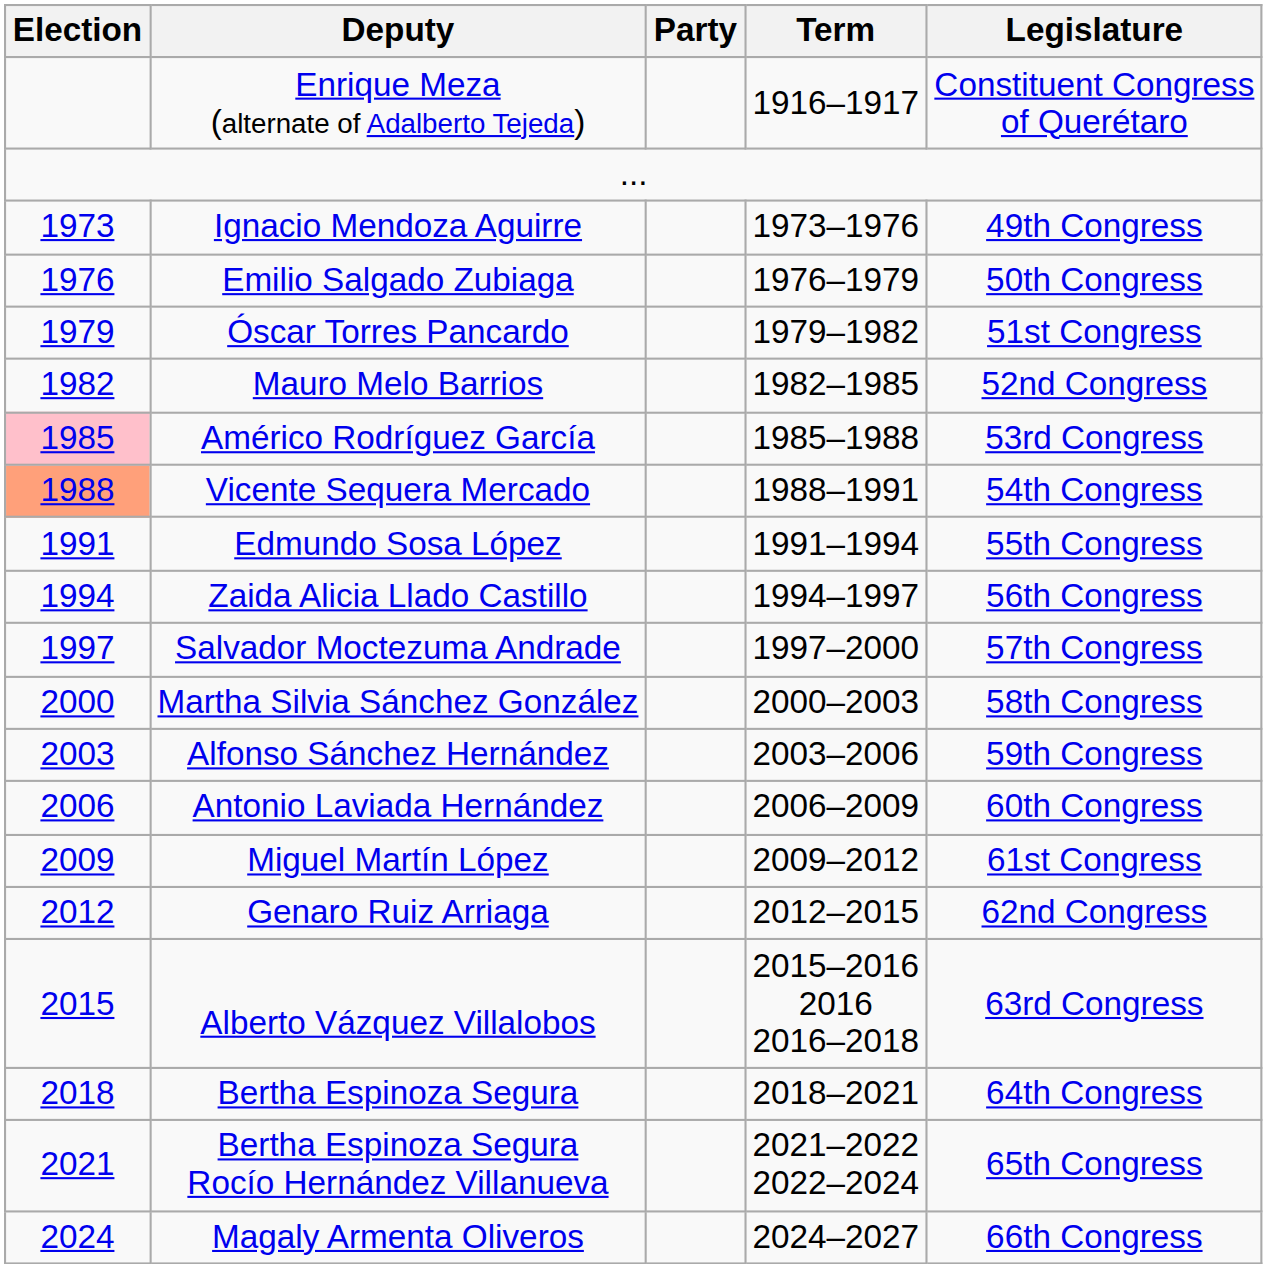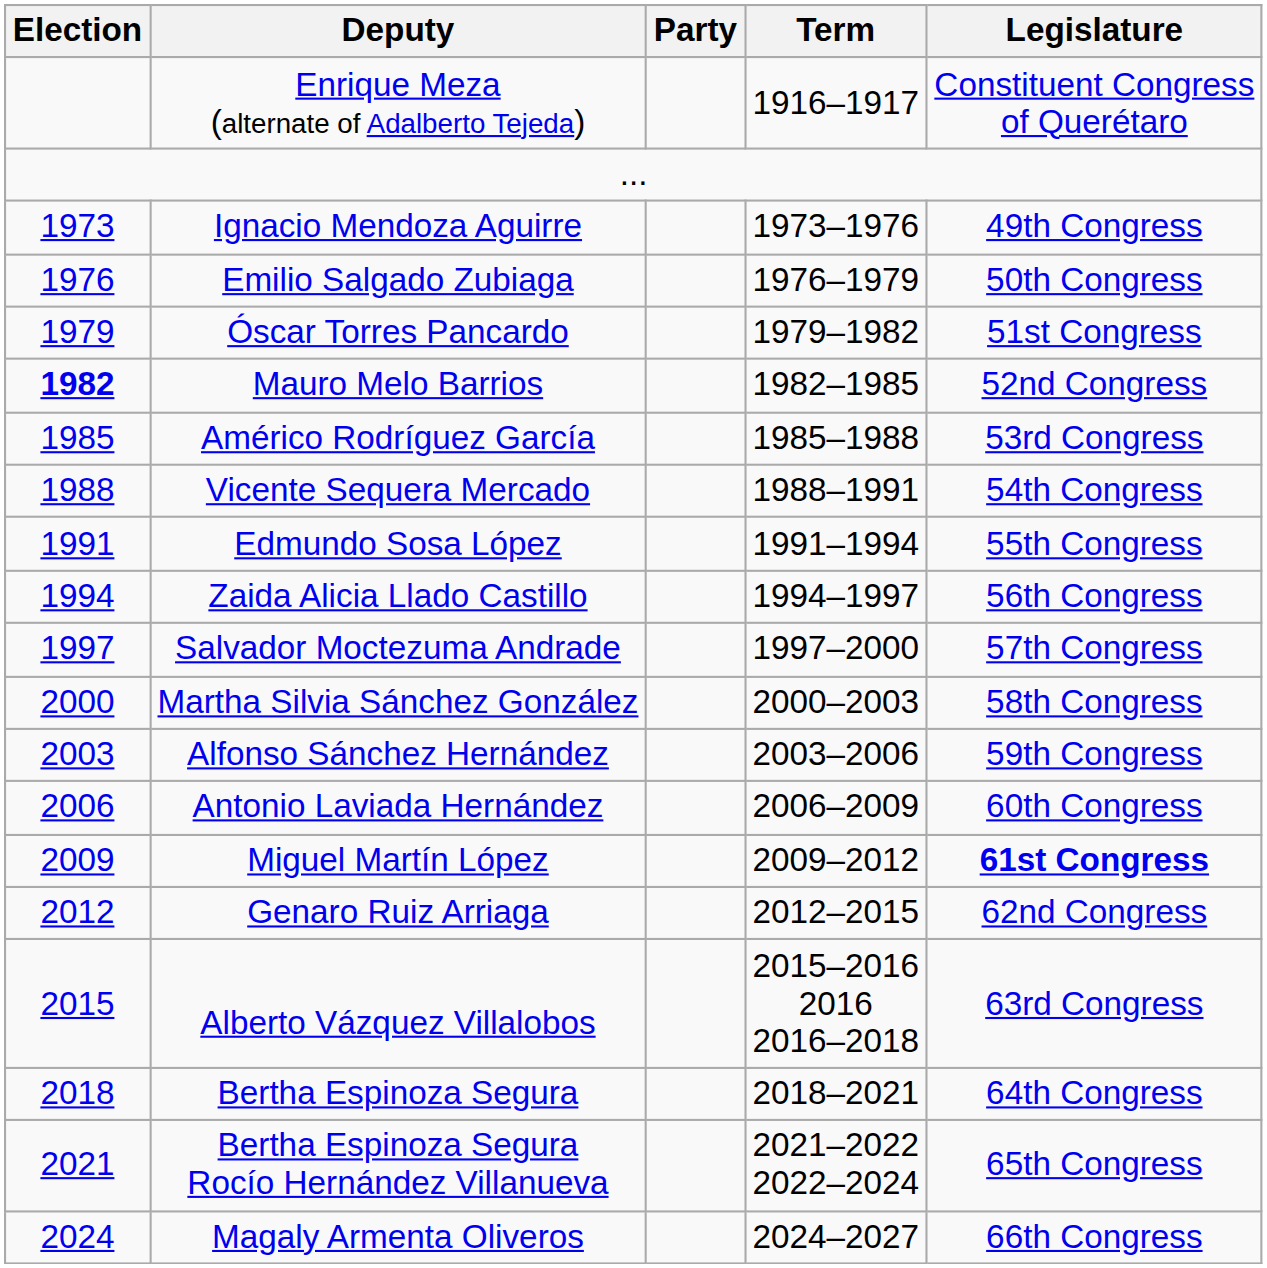 <table class="wikitable sortable" style="text-align: center">
 <tr>
 <th>Election</th>
 <th class="unsortable">Deputy</th>
 <th class="unsortable">Party</th>
 <th class="unsortable">Term</th>
 <th class="unsortable">Legislature</th>
 </tr>
 <tr>
 <td></td>
 <td><a href='#'>Enrique Meza</a><br>(<small>alternate of <a href='#'>Adalberto Tejeda</a></small>)</td>
 <td></td>
 <td>1916–1917</td>
 <td><a href='#'>Constituent Congress<br>of Querétaro</a></td>
 </tr>
 <tr>
 <td colspan=5> ...</td>
 </tr>
 <tr>
 <td><a href='#'>1973</a></td>
 <td><a href='#'>Ignacio Mendoza Aguirre</a></td>
 <td></td>
 <td>1973–1976</td>
 <td><a href='#'>49th Congress</a></td>
 </tr>
 <tr>
 <td><a href='#'>1976</a></td>
 <td><a href='#'>Emilio Salgado Zubiaga</a></td>
 <td></td>
 <td>1976–1979</td>
 <td><a href='#'>50th Congress</a></td>
 </tr>
 <tr>
 <td><a href='#'>1979</a></td>
 <td><a href='#'>Óscar Torres Pancardo</a></td>
 <td></td>
 <td>1979–1982</td>
 <td><a href='#'>51st Congress</a></td>
 </tr>
 <tr>
-<td><a href='#'>1982</a></td>
+<td><strong><a href='#'>1982</a></strong></td>
 <td><a href='#'>Mauro Melo Barrios</a></td>
 <td></td>
 <td>1982–1985</td>
 <td><a href='#'>52nd Congress</a></td>
 </tr>
 <tr>
-<td style="background: pink;"><a href='#'>1985</a></td>
+<td><a href='#'>1985</a></td>
 <td><a href='#'>Américo Rodríguez García</a></td>
 <td></td>
 <td>1985–1988</td>
 <td><a href='#'>53rd Congress</a></td>
 </tr>
 <tr>
-<td style="background: lightsalmon;"><a href='#'>1988</a></td>
+<td><a href='#'>1988</a></td>
 <td><a href='#'>Vicente Sequera Mercado</a></td>
 <td></td>
 <td>1988–1991</td>
 <td><a href='#'>54th Congress</a></td>
 </tr>
 <tr>
 <td><a href='#'>1991</a></td>
 <td><a href='#'>Edmundo Sosa López</a></td>
 <td></td>
 <td>1991–1994</td>
 <td><a href='#'>55th Congress</a></td>
 </tr>
 <tr>
 <td><a href='#'>1994</a></td>
 <td><a href='#'>Zaida Alicia Llado Castillo</a></td>
 <td></td>
 <td>1994–1997</td>
 <td><a href='#'>56th Congress</a></td>
 </tr>
 <tr>
 <td><a href='#'>1997</a></td>
 <td><a href='#'>Salvador Moctezuma Andrade</a></td>
 <td></td>
 <td>1997–2000</td>
 <td><a href='#'>57th Congress</a></td>
 </tr>
 <tr>
 <td><a href='#'>2000</a></td>
 <td><a href='#'>Martha Silvia Sánchez González</a></td>
 <td></td>
 <td>2000–2003</td>
 <td><a href='#'>58th Congress</a></td>
 </tr>
 <tr>
 <td><a href='#'>2003</a></td>
 <td><a href='#'>Alfonso Sánchez Hernández</a></td>
 <td></td>
 <td>2003–2006</td>
 <td><a href='#'>59th Congress</a></td>
 </tr>
 <tr>
 <td><a href='#'>2006</a></td>
 <td><a href='#'>Antonio Laviada Hernández</a></td>
 <td></td>
 <td>2006–2009</td>
 <td><a href='#'>60th Congress</a></td>
 </tr>
 <tr>
 <td><a href='#'>2009</a></td>
 <td><a href='#'>Miguel Martín López</a></td>
 <td></td>
 <td>2009–2012</td>
-<td><a href='#'>61st Congress</a></td>
+<td><strong><a href='#'>61st Congress</a></strong></td>
 </tr>
 <tr>
 <td><a href='#'>2012</a></td>
 <td><a href='#'>Genaro Ruiz Arriaga</a></td>
 <td></td>
 <td>2012–2015</td>
 <td><a href='#'>62nd Congress</a></td>
 </tr>
 <tr>
 <td><a href='#'>2015</a></td>
 <td><br><a href='#'>Alberto Vázquez Villalobos</a><br></td>
 <td></td>
 <td>2015–2016<br>2016<br>2016–2018</td>
 <td><a href='#'>63rd Congress</a></td>
 </tr>
 <tr>
 <td><a href='#'>2018</a></td>
 <td><a href='#'>Bertha Espinoza Segura</a></td>
 <td></td>
 <td>2018–2021</td>
 <td><a href='#'>64th Congress</a></td>
 </tr>
 <tr>
 <td><a href='#'>2021</a></td>
 <td><a href='#'>Bertha Espinoza Segura</a><br><a href='#'>Rocío Hernández Villanueva</a></td>
 <td></td>
 <td>2021–2022<br>2022–2024</td>
 <td><a href='#'>65th Congress</a></td>
 </tr>
 <tr>
 <td><a href='#'>2024</a></td>
 <td><a href='#'>Magaly Armenta Oliveros</a></td>
 <td> </td>
 <td>2024–2027</td>
 <td><a href='#'>66th Congress</a></td>
 </tr>
 </table>
